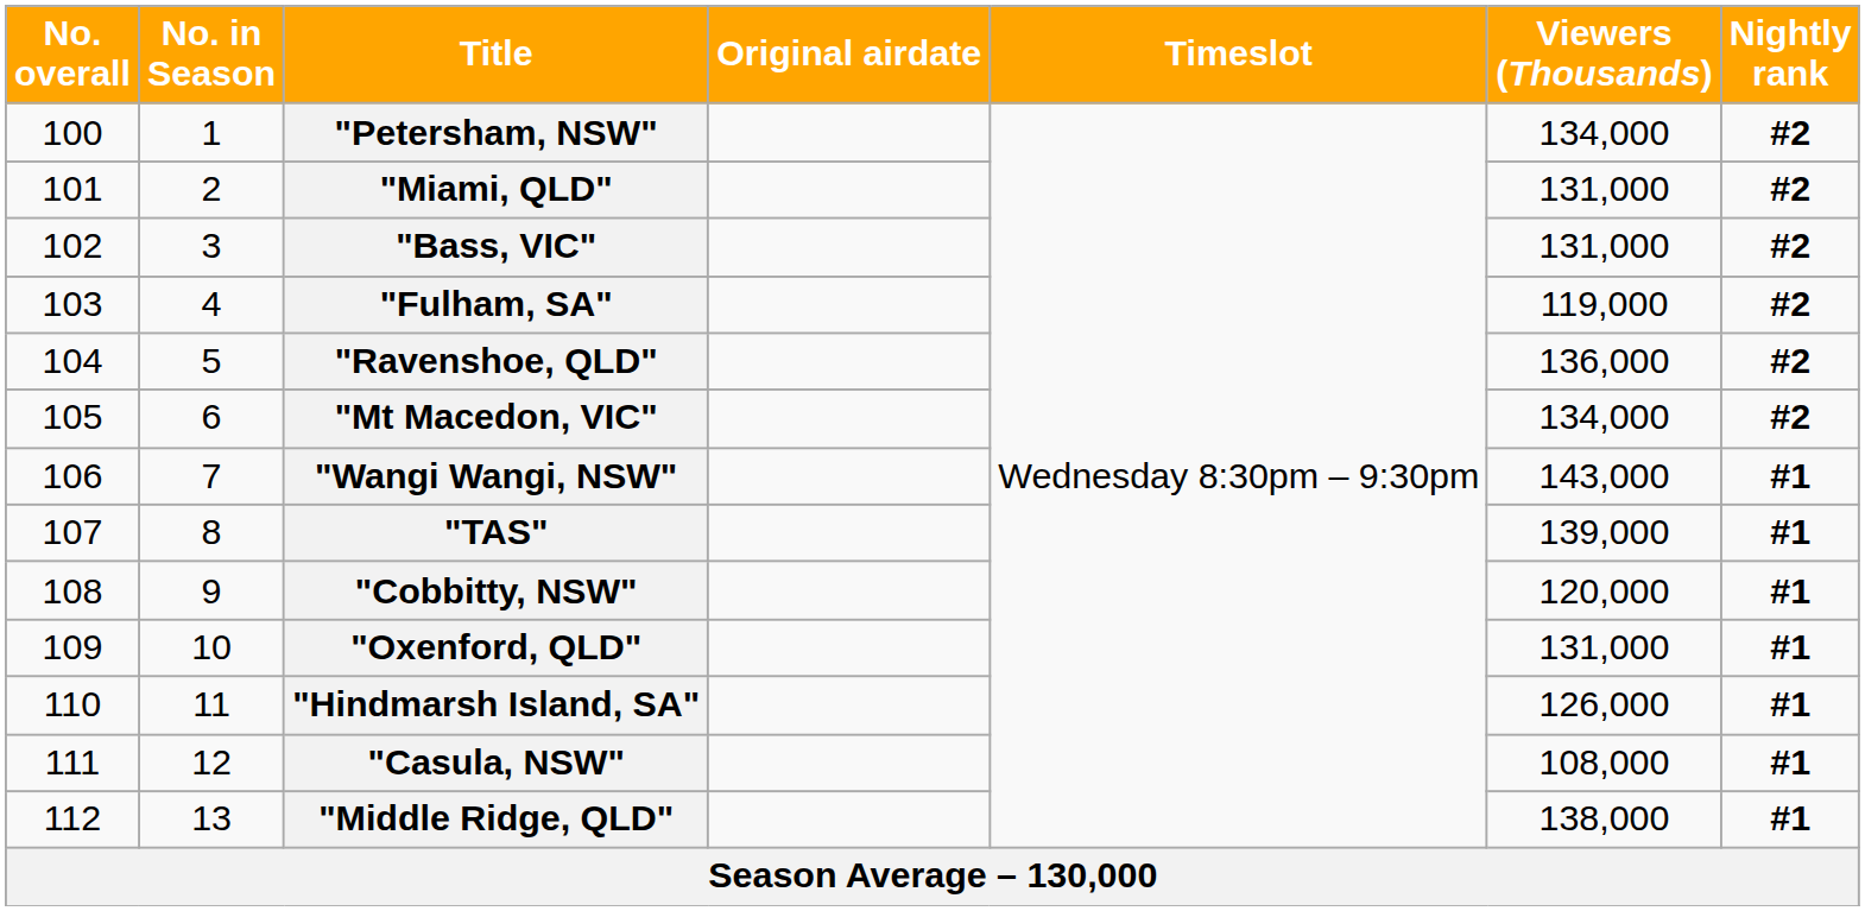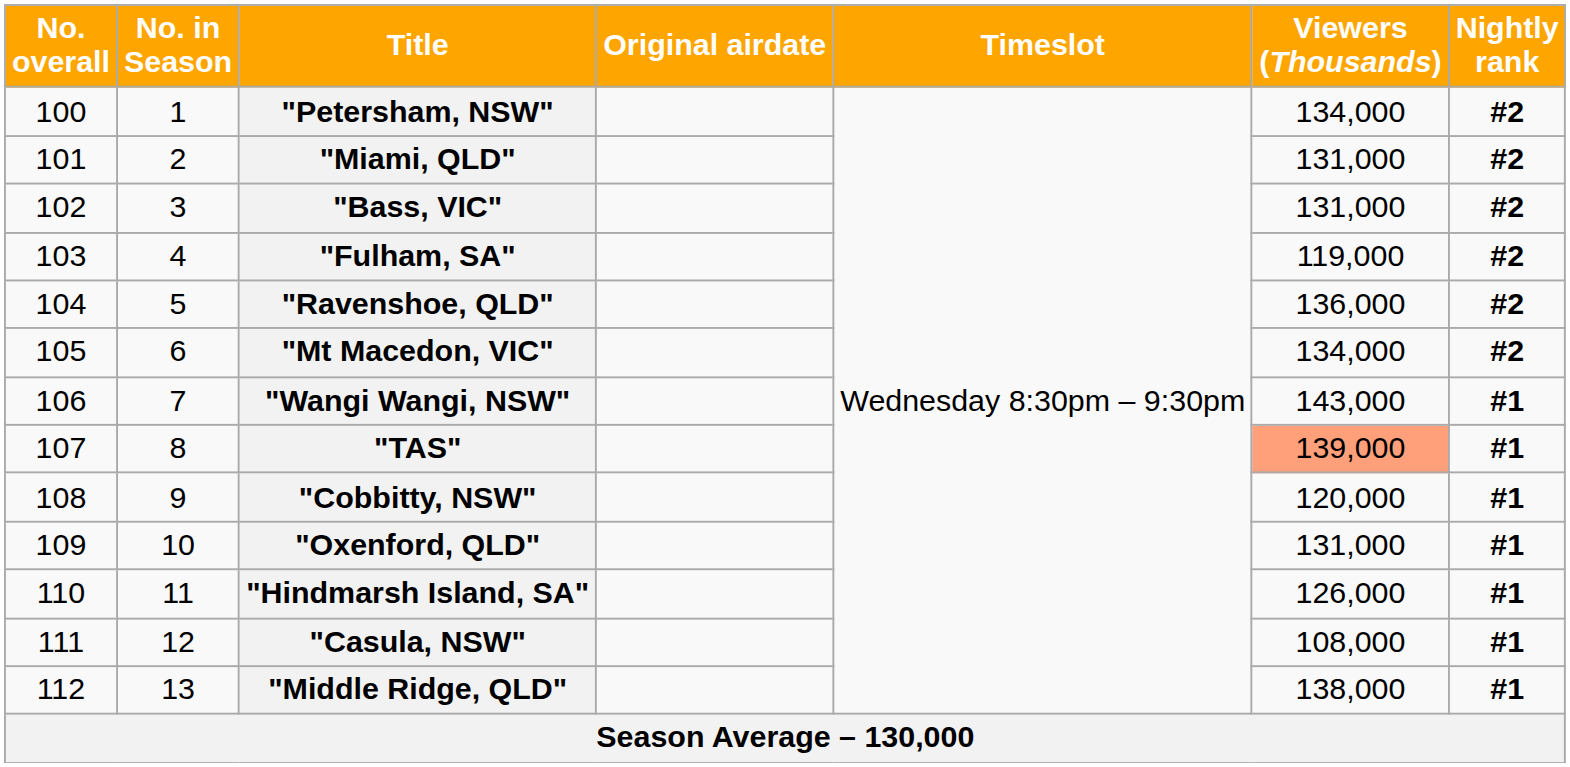 <table class="wikitable" style="text-align:center;">
 <tr>
 <th scope="col" style="background:orange; color:white;">No. <br>overall</th>
 <th scope="col" style="background:orange; color:white;">No. in<br> Season</th>
 <th scope="col" style="background:orange; color:white;">Title</th>
 <th scope="col" style="background:orange; color:white;">Original airdate</th>
 <th scope="row" style="background:orange; color:white;">Timeslot</th>
 <th scope="col" style="background:orange; color:white;">Viewers<br>(<em>Thousands</em>)</th>
 <th scope="col" style="background:orange; color:white;">Nightly<br>rank</th>
 </tr>
 <tr>
 <td>100</td>
 <td>1</td>
 <th>"Petersham, NSW"</th>
 <td></td>
 <td rowspan="13">Wednesday 8:30pm – 9:30pm</td>
 <td>134,000</td>
 <td><strong>#2</strong></td>
 </tr>
 <tr>
 <td>101</td>
 <td>2</td>
 <th>"Miami, QLD"</th>
 <td></td>
 <td>131,000</td>
 <td><strong>#2</strong></td>
 </tr>
 <tr>
 <td>102</td>
 <td>3</td>
 <th>"Bass, VIC"</th>
 <td></td>
 <td>131,000</td>
 <td><strong>#2</strong></td>
 </tr>
 <tr>
 <td>103</td>
 <td>4</td>
 <th>"Fulham, SA"</th>
 <td></td>
 <td>119,000</td>
 <td><strong>#2</strong></td>
 </tr>
 <tr>
 <td>104</td>
 <td>5</td>
 <th>"Ravenshoe, QLD"</th>
 <td></td>
 <td>136,000</td>
 <td><strong>#2</strong></td>
 </tr>
 <tr>
 <td>105</td>
 <td>6</td>
 <th>"Mt Macedon, VIC"</th>
 <td></td>
 <td>134,000</td>
 <td><strong>#2</strong></td>
 </tr>
 <tr>
 <td>106</td>
 <td>7</td>
 <th>"Wangi Wangi, NSW"</th>
 <td></td>
 <td>143,000</td>
 <td><strong>#1</strong></td>
 </tr>
 <tr>
 <td>107</td>
 <td>8</td>
 <th> "TAS"</th>
 <td></td>
-<td>139,000</td>
+<td style="background: lightsalmon;">139,000</td>
 <td><strong>#1</strong></td>
 </tr>
 <tr>
 <td>108</td>
 <td>9</td>
 <th>"Cobbitty, NSW"</th>
 <td></td>
 <td>120,000</td>
 <td><strong>#1</strong></td>
 </tr>
 <tr>
 <td>109</td>
 <td>10</td>
 <th>"Oxenford, QLD"</th>
 <td></td>
 <td>131,000</td>
 <td><strong>#1</strong></td>
 </tr>
 <tr>
 <td>110</td>
 <td>11</td>
 <th>"Hindmarsh Island, SA"</th>
 <td></td>
 <td>126,000</td>
 <td><strong>#1</strong></td>
 </tr>
 <tr>
 <td>111</td>
 <td>12</td>
 <th>"Casula, NSW"</th>
 <td></td>
 <td>108,000</td>
 <td><strong>#1</strong></td>
 </tr>
 <tr>
 <td>112</td>
 <td>13</td>
 <th>"Middle Ridge, QLD"</th>
 <td></td>
 <td>138,000</td>
 <td><strong>#1</strong></td>
 </tr>
 <tr>
 <th colspan="7">Season Average – 130,000</th>
 </tr>
 </table>
